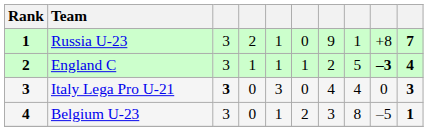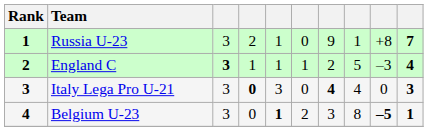 <table class="wikitable" style="text-align:center">
 <tr>
 <th width=30>Rank</th>
 <th width=165 style="text-align:left;">Team</th>
 <th width=20></th>
 <th width=20></th>
 <th width=20></th>
 <th width=20></th>
 <th width=20></th>
 <th width=20></th>
 <th width=20></th>
 <th width=20></th>
 </tr>
 <tr align=center style="background:#ccffcc;">
 <td><strong>1</strong></td>
 <td style="text-align:left;"> <a href='#'>Russia U-23</a></td>
 <td>3</td>
 <td>2</td>
 <td>1</td>
 <td>0</td>
 <td>9</td>
 <td>1</td>
 <td>+8</td>
 <td><strong>7</strong></td>
 </tr>
 <tr align=center style="background:#ccffcc;">
 <td><strong>2</strong></td>
 <td style="text-align:left;"> <a href='#'>England C</a></td>
-<td>3</td>
+<td><strong>3</strong></td>
 <td>1</td>
 <td>1</td>
 <td>1</td>
 <td>2</td>
 <td>5</td>
-<td><strong>–3</strong></td>
+<td>–3</td>
 <td><strong>4</strong></td>
 </tr>
 <tr align=center style="background:#f5f5f5;">
 <td><strong>3</strong></td>
 <td style="text-align:left;"> <a href='#'>Italy Lega Pro U-21</a></td>
-<td><strong>3</strong></td>
-<td>0</td>
+<td>3</td>
+<td><strong>0</strong></td>
 <td>3</td>
 <td>0</td>
-<td>4</td>
+<td><strong>4</strong></td>
 <td>4</td>
 <td>0</td>
 <td><strong>3</strong></td>
 </tr>
 <tr align=center style="background:#f5f5f5;">
 <td><strong>4</strong></td>
 <td style="text-align:left;"> <a href='#'>Belgium U-23</a></td>
 <td>3</td>
 <td>0</td>
-<td>1</td>
+<td><strong>1</strong></td>
 <td>2</td>
 <td>3</td>
 <td>8</td>
-<td>–5</td>
+<td><strong>–5</strong></td>
 <td><strong>1</strong></td>
 </tr>
 <tr>
 </tr>
 </table>
